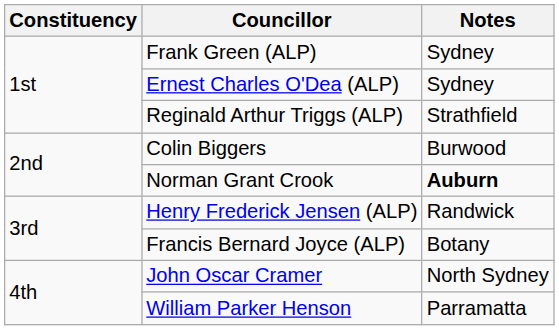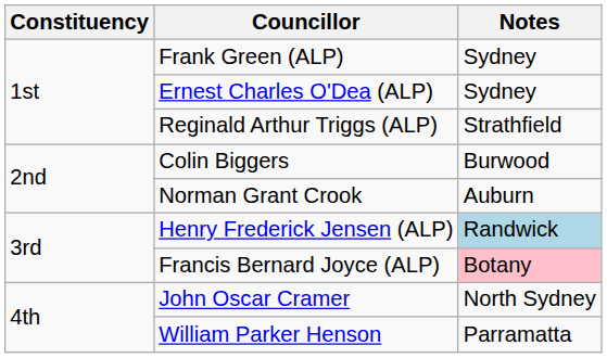 <table class="wikitable">
 <tr>
 <th>Constituency</th>
 <th>Councillor</th>
 <th>Notes</th>
 </tr>
 <tr>
 <td rowspan="3">1st</td>
 <td>Frank Green (ALP)</td>
 <td>Sydney</td>
 </tr>
 <tr>
 <td><a href='#'>Ernest Charles O'Dea</a> (ALP)</td>
 <td>Sydney</td>
 </tr>
 <tr>
 <td>Reginald Arthur Triggs (ALP)</td>
 <td>Strathfield</td>
 </tr>
 <tr>
 <td rowspan="2">2nd</td>
 <td>Colin Biggers</td>
 <td>Burwood</td>
 </tr>
 <tr>
 <td>Norman Grant Crook</td>
-<td><strong>Auburn</strong></td>
+<td>Auburn</td>
 </tr>
 <tr>
 <td rowspan="2">3rd</td>
 <td><a href='#'>Henry Frederick Jensen</a> (ALP)</td>
-<td>Randwick</td>
+<td style="background: lightblue;">Randwick</td>
 </tr>
 <tr>
 <td>Francis Bernard Joyce (ALP)</td>
-<td>Botany</td>
+<td style="background: pink;">Botany</td>
 </tr>
 <tr>
 <td rowspan="2">4th</td>
 <td><a href='#'>John Oscar Cramer</a></td>
 <td>North Sydney</td>
 </tr>
 <tr>
 <td><a href='#'>William Parker Henson</a></td>
 <td>Parramatta</td>
 </tr>
 </table>
